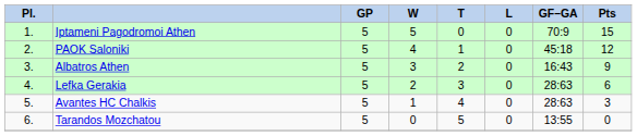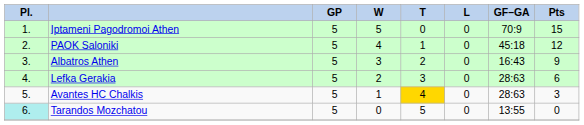 <table class="wikitable" width="70%">
 <tr style="font-weight:bold; background-color:#BCD2EE;" align="center" |>
 <td width="5%">Pl.</td>
 <td width="30%"></td>
 <td width="5%">GP</td>
 <td width="5%">W</td>
 <td width="5%">T</td>
 <td width="5%">L</td>
 <td width="5%">GF–GA</td>
 <td width="5%">Pts</td>
 </tr>
 <tr align="center" bgcolor="#CCFFCC">
 <td>1.</td>
 <td align="left"><a href='#'>Iptameni Pagodromoi Athen</a></td>
 <td>5</td>
 <td>5</td>
 <td>0</td>
 <td>0</td>
 <td>70:9</td>
 <td>15</td>
 </tr>
 <tr align="center" bgcolor="#CCFFCC">
 <td>2.</td>
 <td align="left"><a href='#'>PAOK Saloniki</a></td>
 <td>5</td>
 <td>4</td>
 <td>1</td>
 <td>0</td>
 <td>45:18</td>
 <td>12</td>
 </tr>
 <tr align="center" bgcolor="#CCFFCC">
 <td>3.</td>
 <td align="left"><a href='#'>Albatros Athen</a></td>
 <td>5</td>
 <td>3</td>
 <td>2</td>
 <td>0</td>
 <td>16:43</td>
 <td>9</td>
 </tr>
 <tr align="center" bgcolor="#CCFFCC">
 <td>4.</td>
 <td align="left"><a href='#'>Lefka Gerakia</a></td>
 <td>5</td>
 <td>2</td>
 <td>3</td>
 <td>0</td>
 <td>28:63</td>
 <td>6</td>
 </tr>
 <tr align="center">
 <td>5.</td>
 <td align="left"><a href='#'>Avantes HC Chalkis</a></td>
 <td>5</td>
 <td>1</td>
-<td>4</td>
+<td style="background: gold;">4</td>
 <td>0</td>
 <td>28:63</td>
 <td>3</td>
 </tr>
 <tr align="center">
-<td>6.</td>
+<td style="background: paleturquoise;">6.</td>
 <td align="left"><a href='#'>Tarandos Mozchatou</a></td>
 <td>5</td>
 <td>0</td>
 <td>5</td>
 <td>0</td>
 <td>13:55</td>
 <td>0</td>
 </tr>
 <tr align="center">
 </tr>
 </table>
